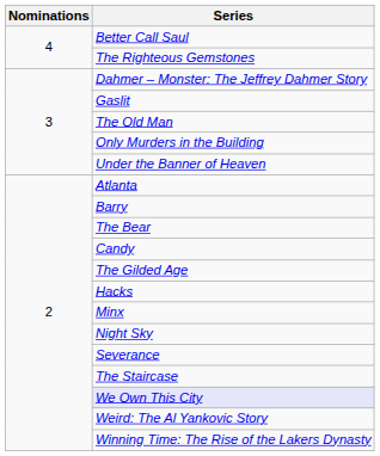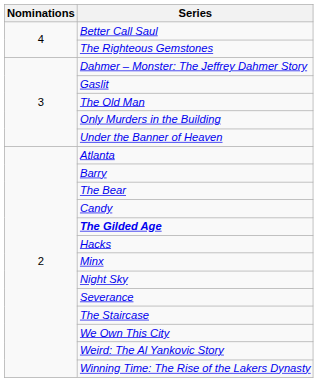 <table class="wikitable">
 <tr>
 <th>Nominations</th>
 <th>Series</th>
 </tr>
 <tr>
 <td rowspan="2" style="text-align:center">4</td>
 <td><em><a href='#'>Better Call Saul</a></em></td>
 </tr>
 <tr>
 <td><em><a href='#'>The Righteous Gemstones</a></em></td>
 </tr>
 <tr>
 <td rowspan="5" style="text-align:center">3</td>
 <td><em><a href='#'>Dahmer – Monster: The Jeffrey Dahmer Story</a></em></td>
 </tr>
 <tr>
 <td><em><a href='#'>Gaslit</a></em></td>
 </tr>
 <tr>
 <td><em><a href='#'>The Old Man</a></em></td>
 </tr>
 <tr>
 <td><em><a href='#'>Only Murders in the Building</a></em></td>
 </tr>
 <tr>
 <td><em><a href='#'>Under the Banner of Heaven</a></em></td>
 </tr>
 <tr>
 <td rowspan="13" style="text-align:center">2</td>
 <td><em><a href='#'>Atlanta</a></em></td>
 </tr>
 <tr>
 <td><em><a href='#'>Barry</a></em></td>
 </tr>
 <tr>
 <td><em><a href='#'>The Bear</a></em></td>
 </tr>
 <tr>
 <td><em><a href='#'>Candy</a></em></td>
 </tr>
 <tr>
-<td><em><a href='#'>The Gilded Age</a></em></td>
+<td><strong><em><a href='#'>The Gilded Age</a></em></strong></td>
 </tr>
 <tr>
 <td><em><a href='#'>Hacks</a></em></td>
 </tr>
 <tr>
 <td><em><a href='#'>Minx</a></em></td>
 </tr>
 <tr>
 <td><em><a href='#'>Night Sky</a></em></td>
 </tr>
 <tr>
 <td><em><a href='#'>Severance</a></em></td>
 </tr>
 <tr>
 <td><em><a href='#'>The Staircase</a></em></td>
 </tr>
 <tr>
-<td style="background: lavender;"><em><a href='#'>We Own This City</a></em></td>
+<td><em><a href='#'>We Own This City</a></em></td>
 </tr>
 <tr>
 <td><em><a href='#'>Weird: The Al Yankovic Story</a></em></td>
 </tr>
 <tr>
 <td><em><a href='#'>Winning Time: The Rise of the Lakers Dynasty</a></em></td>
 </tr>
 </table>
